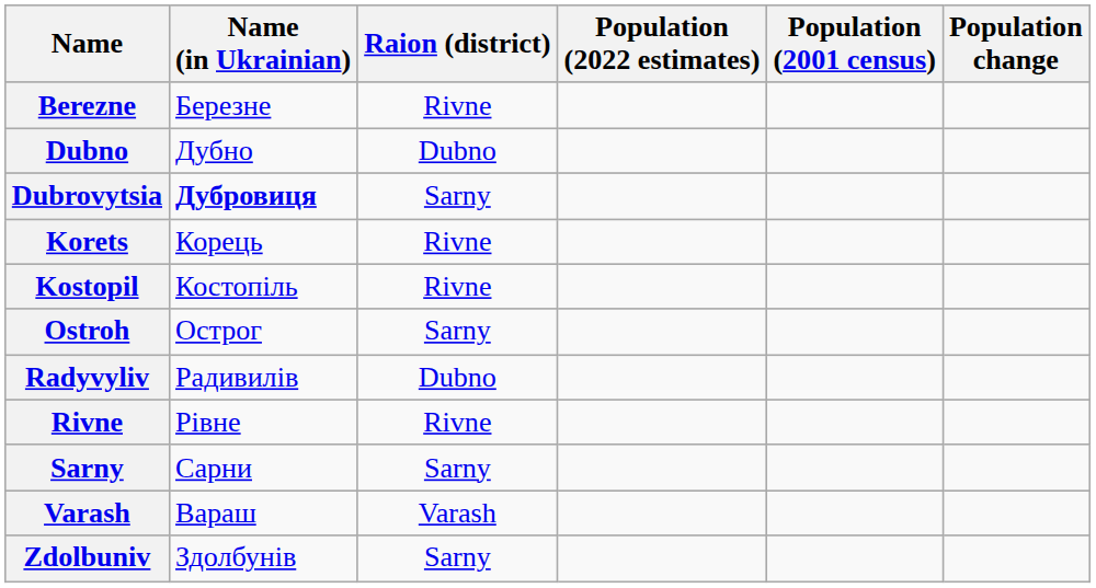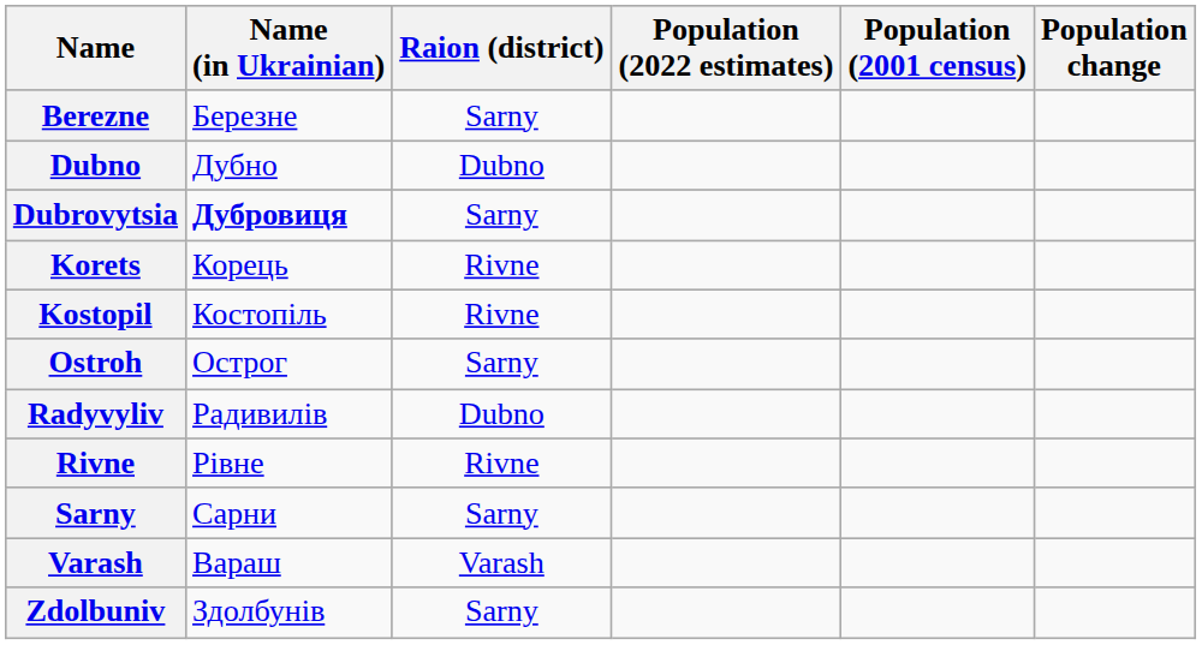 <table class="wikitable sortable" id="Table of cities" caption="Tabulated list of cities in ">
 <tr>
 <th scope="col">Name</th>
 <th scope="col">Name<br>(in <a href='#'>Ukrainian</a>)</th>
 <th scope="col"><a href='#'>Raion</a> (district)</th>
 <th scope="col">Population<br>(2022 estimates)</th>
 <th scope="col">Population<br>(<a href='#'>2001 census</a>)</th>
 <th scope="col">Population<br>change</th>
 </tr>
 <tr>
 <th scope="row" align="left"><a href='#'>Berezne</a></th>
 <td><a href='#'>Березне</a></td>
-<td align=center><a href='#'>Rivne</a></td>
+<td align=center><a href='#'>Sarny</a></td>
 <td align=right></td>
 <td align=right></td>
 <td align=right></td>
 </tr>
 <tr>
 <th scope="row" align="left"><a href='#'>Dubno</a></th>
 <td><a href='#'>Дубно</a></td>
 <td align=center><a href='#'>Dubno</a></td>
 <td align=right></td>
 <td align=right></td>
 <td align=right></td>
 </tr>
 <tr>
 <th scope="row" align="left"><a href='#'>Dubrovytsia</a></th>
 <td><strong><a href='#'>Дубровиця</a></strong></td>
 <td align=center><a href='#'>Sarny</a></td>
 <td align=right></td>
 <td align=right></td>
 <td align=right></td>
 </tr>
 <tr>
 <th scope="row" align="left"><a href='#'>Korets</a></th>
 <td><a href='#'>Корець</a></td>
 <td align=center><a href='#'>Rivne</a></td>
 <td align=right></td>
 <td align=right></td>
 <td align=right></td>
 </tr>
 <tr>
 <th scope="row" align="left"><a href='#'>Kostopil</a></th>
 <td><a href='#'>Костопіль</a></td>
 <td align=center><a href='#'>Rivne</a></td>
 <td align=right></td>
 <td align=right></td>
 <td align=right></td>
 </tr>
 <tr>
 <th scope="row" align="left"><a href='#'>Ostroh</a></th>
 <td><a href='#'>Острог</a></td>
 <td align=center><a href='#'>Sarny</a></td>
 <td align=right></td>
 <td align=right></td>
 <td align=right></td>
 </tr>
 <tr>
 <th scope="row" align="left"><a href='#'>Radyvyliv</a></th>
 <td><a href='#'>Радивилів</a></td>
 <td align=center><a href='#'>Dubno</a></td>
 <td align=right></td>
 <td align=right></td>
 <td align=right></td>
 </tr>
 <tr>
 <th scope="row" align="left"><a href='#'>Rivne</a></th>
 <td><a href='#'>Рівне</a></td>
 <td align=center><a href='#'>Rivne</a></td>
 <td align=right></td>
 <td align=right></td>
 <td align=right></td>
 </tr>
 <tr>
 <th scope="row" align="left"><a href='#'>Sarny</a></th>
 <td><a href='#'>Сарни</a></td>
 <td align=center><a href='#'>Sarny</a></td>
 <td align=right></td>
 <td align=right></td>
 <td align=right></td>
 </tr>
 <tr>
 <th scope="row" align="left"><a href='#'>Varash</a></th>
 <td><a href='#'>Вараш</a></td>
 <td align=center><a href='#'>Varash</a></td>
 <td align=right></td>
 <td align=right></td>
 <td align=right></td>
 </tr>
 <tr>
 <th scope="row" align="left"><a href='#'>Zdolbuniv</a></th>
 <td><a href='#'>Здолбунів</a></td>
 <td align=center><a href='#'>Sarny</a></td>
 <td align=right></td>
 <td align=right></td>
 <td align=right></td>
 </tr>
 </table>
